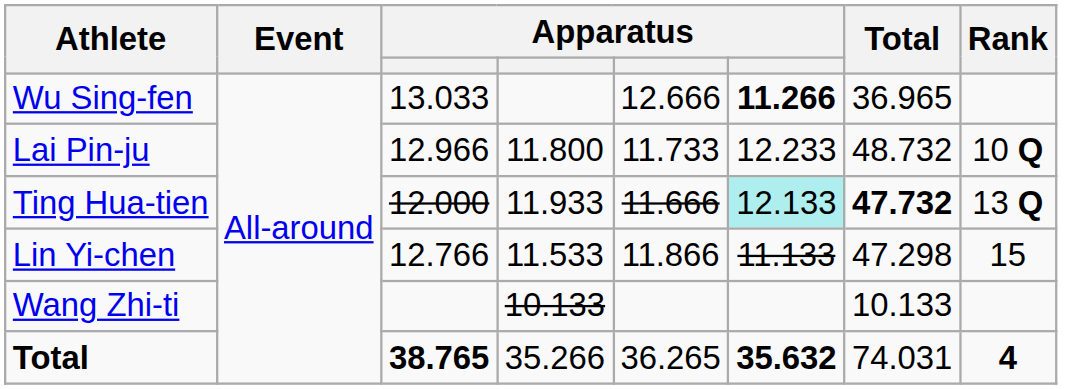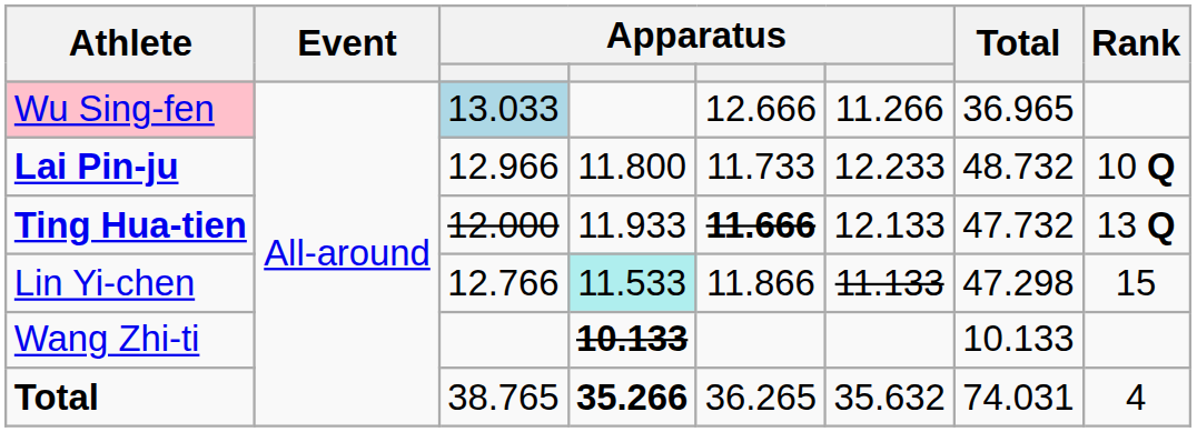 <table class="wikitable" style="font-size:90%; text-align:center">
 <tr>
 <th rowspan="2">Athlete</th>
 <th rowspan="2">Event</th>
 <th colspan="4">Apparatus</th>
 <th rowspan="2">Total</th>
 <th rowspan="2">Rank</th>
 </tr>
 <tr>
 <th></th>
 <th></th>
 <th></th>
 <th></th>
 </tr>
 <tr>
-<td align="left"><a href='#'>Wu Sing-fen</a></td>
+<td align="left" style="background: pink;"><a href='#'>Wu Sing-fen</a></td>
 <td align="left" rowspan="6"><a href='#'>All-around</a></td>
-<td>13.033</td>
+<td style="background: lightblue;">13.033</td>
 <td></td>
 <td>12.666</td>
-<td><strong>11.266</strong></td>
+<td>11.266</td>
 <td>36.965</td>
 <td></td>
 </tr>
 <tr>
-<td align="left"><a href='#'>Lai Pin-ju</a></td>
+<td align="left"><strong><a href='#'>Lai Pin-ju</a></strong></td>
 <td>12.966</td>
 <td>11.800</td>
 <td>11.733</td>
 <td>12.233</td>
 <td>48.732</td>
 <td>10 <strong>Q</strong></td>
 </tr>
 <tr>
-<td align="left"><a href='#'>Ting Hua-tien</a></td>
+<td align="left"><strong><a href='#'>Ting Hua-tien</a></strong></td>
 <td><s>12.000</s></td>
 <td>11.933</td>
-<td><s>11.666</s></td>
-<td style="background: paleturquoise;">12.133</td>
-<td><strong>47.732</strong></td>
+<td><strong><s>11.666</s></strong></td>
+<td>12.133</td>
+<td>47.732</td>
 <td>13 <strong>Q</strong></td>
 </tr>
 <tr>
 <td align="left"><a href='#'>Lin Yi-chen</a></td>
 <td>12.766</td>
-<td>11.533</td>
+<td style="background: paleturquoise;">11.533</td>
 <td>11.866</td>
 <td><s>11.133</s></td>
 <td>47.298</td>
 <td>15</td>
 </tr>
 <tr>
 <td align="left"><a href='#'>Wang Zhi-ti</a></td>
 <td></td>
-<td><s>10.133</s></td>
+<td><strong><s>10.133</s></strong></td>
 <td></td>
 <td></td>
 <td>10.133</td>
 <td></td>
 </tr>
 <tr>
 <td align="left"><strong>Total</strong></td>
-<td><strong>38.765</strong></td>
-<td>35.266</td>
+<td>38.765</td>
+<td><strong>35.266</strong></td>
 <td>36.265</td>
-<td><strong>35.632</strong></td>
+<td>35.632</td>
 <td>74.031</td>
-<td><strong>4</strong></td>
+<td>4</td>
 </tr>
 </table>
